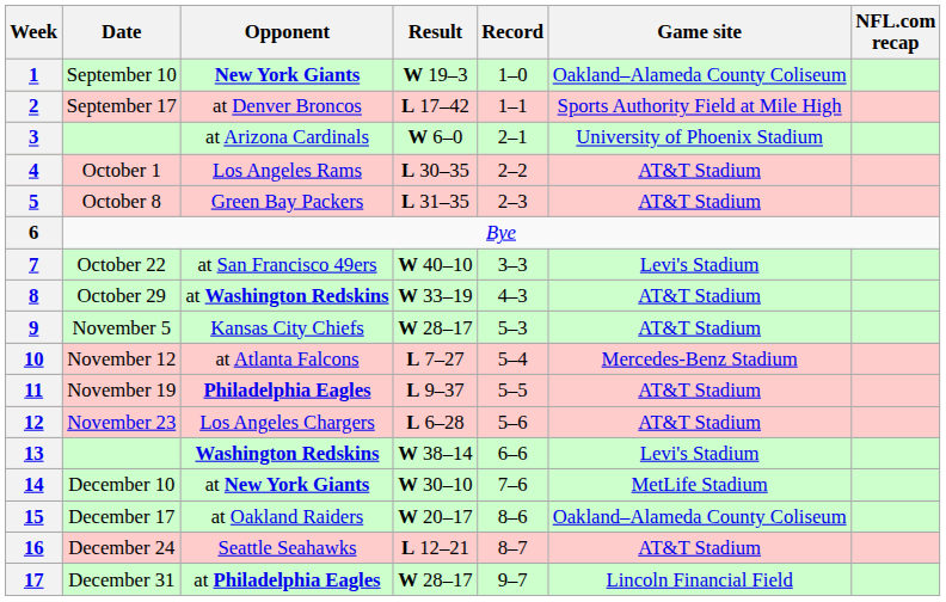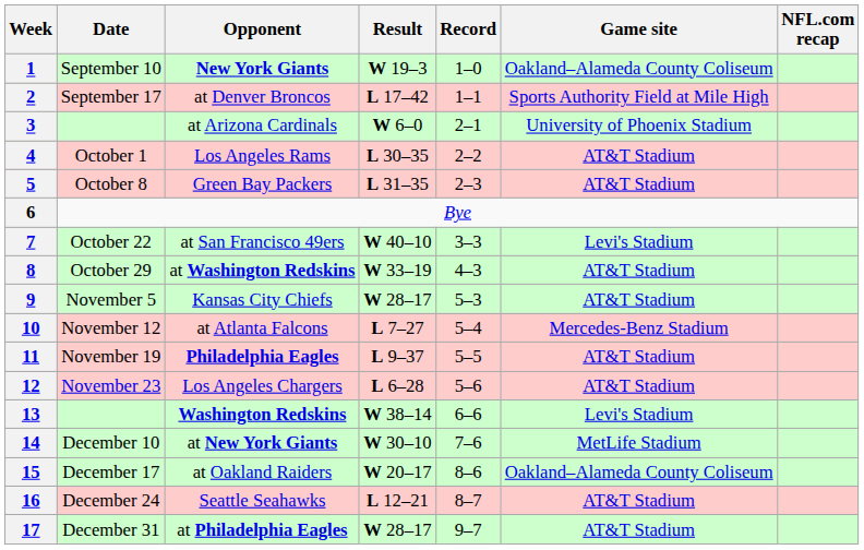 <table class="wikitable" style="text-align:center">
 <tr>
 <th>Week</th>
 <th>Date</th>
 <th>Opponent</th>
 <th>Result</th>
 <th>Record</th>
 <th>Game site</th>
 <th>NFL.com<br>recap</th>
 </tr>
 <tr style="background:#cfc">
 <th><a href='#'>1</a></th>
 <td>September 10</td>
 <td><strong><a href='#'>New York Giants</a></strong></td>
 <td><strong>W</strong> 19–3</td>
 <td>1–0</td>
 <td><a href='#'>Oakland–Alameda County Coliseum</a></td>
 <td></td>
 </tr>
 <tr style="background:#fcc">
 <th><a href='#'>2</a></th>
 <td>September 17</td>
 <td>at <a href='#'>Denver Broncos</a></td>
 <td><strong>L</strong> 17–42</td>
 <td>1–1</td>
 <td><a href='#'>Sports Authority Field at Mile High</a></td>
 <td></td>
 </tr>
 <tr style="background:#cfc">
 <th><a href='#'>3</a></th>
 <td></td>
 <td>at <a href='#'>Arizona Cardinals</a></td>
 <td><strong>W</strong> 6–0</td>
 <td>2–1</td>
 <td><a href='#'>University of Phoenix Stadium</a></td>
 <td></td>
 </tr>
 <tr style="background:#fcc">
 <th><a href='#'>4</a></th>
 <td>October 1</td>
 <td><a href='#'>Los Angeles Rams</a></td>
 <td><strong>L</strong> 30–35</td>
 <td>2–2</td>
 <td><a href='#'>AT&T Stadium</a></td>
 <td></td>
 </tr>
 <tr style="background:#fcc">
 <th><a href='#'>5</a></th>
 <td>October 8</td>
 <td><a href='#'>Green Bay Packers</a></td>
 <td><strong>L</strong> 31–35</td>
 <td>2–3</td>
 <td><a href='#'>AT&T Stadium</a></td>
 <td></td>
 </tr>
 <tr>
 <th>6</th>
 <td colspan=6><em><a href='#'>Bye</a></em></td>
 </tr>
 <tr style="background:#cfc">
 <th><a href='#'>7</a></th>
 <td>October 22</td>
 <td>at <a href='#'>San Francisco 49ers</a></td>
 <td><strong>W</strong> 40–10</td>
 <td>3–3</td>
 <td><a href='#'>Levi's Stadium</a></td>
 <td></td>
 </tr>
 <tr style="background:#cfc">
 <th><a href='#'>8</a></th>
 <td>October 29</td>
 <td>at <strong><a href='#'>Washington Redskins</a></strong></td>
 <td><strong>W</strong> 33–19</td>
 <td>4–3</td>
 <td><a href='#'>AT&T Stadium</a></td>
 <td></td>
 </tr>
 <tr style="background:#cfc">
 <th><a href='#'>9</a></th>
 <td>November 5</td>
 <td><a href='#'>Kansas City Chiefs</a></td>
 <td><strong>W</strong> 28–17</td>
 <td>5–3</td>
 <td><a href='#'>AT&T Stadium</a></td>
 <td></td>
 </tr>
 <tr style="background:#fcc">
 <th><a href='#'>10</a></th>
 <td>November 12</td>
 <td>at <a href='#'>Atlanta Falcons</a></td>
 <td><strong>L</strong> 7–27</td>
 <td>5–4</td>
 <td><a href='#'>Mercedes-Benz Stadium</a></td>
 <td></td>
 </tr>
 <tr style="background:#fcc">
 <th><a href='#'>11</a></th>
 <td>November 19</td>
 <td><strong><a href='#'>Philadelphia Eagles</a></strong></td>
 <td><strong>L</strong> 9–37</td>
 <td>5–5</td>
 <td><a href='#'>AT&T Stadium</a></td>
 <td></td>
 </tr>
 <tr style="background:#fcc">
 <th><a href='#'>12</a></th>
 <td><a href='#'>November 23</a></td>
 <td><a href='#'>Los Angeles Chargers</a></td>
 <td><strong>L</strong> 6–28</td>
 <td>5–6</td>
 <td><a href='#'>AT&T Stadium</a></td>
 <td></td>
 </tr>
 <tr style="background:#cfc">
 <th><a href='#'>13</a></th>
 <td></td>
 <td><strong><a href='#'>Washington Redskins</a></strong></td>
 <td><strong>W</strong> 38–14</td>
 <td>6–6</td>
 <td><a href='#'>Levi's Stadium</a></td>
 <td></td>
 </tr>
 <tr style="background:#cfc">
 <th><a href='#'>14</a></th>
 <td>December 10</td>
 <td>at <strong><a href='#'>New York Giants</a></strong></td>
 <td><strong>W</strong> 30–10</td>
 <td>7–6</td>
 <td><a href='#'>MetLife Stadium</a></td>
 <td></td>
 </tr>
 <tr style="background:#cfc">
 <th><a href='#'>15</a></th>
 <td>December 17</td>
 <td>at <a href='#'>Oakland Raiders</a></td>
 <td><strong>W</strong> 20–17</td>
 <td>8–6</td>
 <td><a href='#'>Oakland–Alameda County Coliseum</a></td>
 <td></td>
 </tr>
 <tr style="background:#fcc">
 <th><a href='#'>16</a></th>
 <td>December 24</td>
 <td><a href='#'>Seattle Seahawks</a></td>
 <td><strong>L</strong> 12–21</td>
 <td>8–7</td>
 <td><a href='#'>AT&T Stadium</a></td>
 <td></td>
 </tr>
 <tr style="background:#cfc">
 <th><a href='#'>17</a></th>
 <td>December 31</td>
 <td>at <strong><a href='#'>Philadelphia Eagles</a></strong></td>
 <td><strong>W</strong> 28–17</td>
 <td>9–7</td>
-<td><a href='#'>Lincoln Financial Field</a></td>
+<td><a href='#'>AT&T Stadium</a></td>
 <td></td>
 </tr>
 </table>
